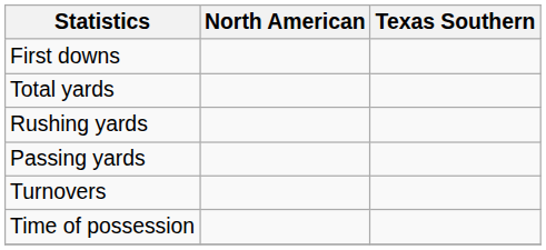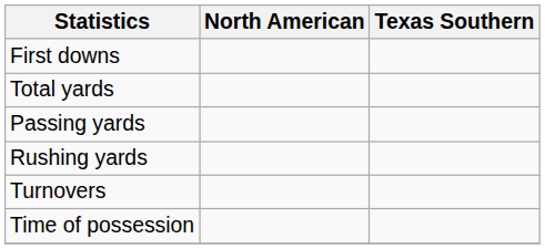 <table class="wikitable">
 <tr>
 <th>Statistics</th>
 <th>North American</th>
 <th>Texas Southern</th>
 </tr>
 <tr>
 <td>First downs</td>
 <td> </td>
 <td> </td>
 </tr>
 <tr>
 <td>Total yards</td>
 <td> </td>
 <td> </td>
 </tr>
 <tr>
-<td>Rushing yards</td>
+<td>Passing yards</td>
 <td> </td>
 <td> </td>
 </tr>
 <tr>
-<td>Passing yards</td>
+<td>Rushing yards</td>
 <td> </td>
 <td> </td>
 </tr>
 <tr>
 <td>Turnovers</td>
 <td> </td>
 <td> </td>
 </tr>
 <tr>
 <td>Time of possession</td>
 <td> </td>
 <td> </td>
 </tr>
 <tr>
 </tr>
 </table>
